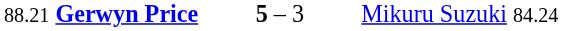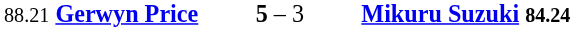 <table style="text-align:center">
 <tr>
 <th width=223></th>
 <th width=100></th>
 <th width=223></th>
 </tr>
 <tr>
 <td align=right><small>88.21</small> <strong><a href='#'>Gerwyn Price</a></strong> </td>
 <td><strong>5</strong> – 3</td>
-<td align=left> <a href='#'>Mikuru Suzuki</a> <small>84.24</small></td>
+<td align=left><strong> <a href='#'>Mikuru Suzuki</a> <small>84.24</small></strong></td>
 </tr>
 <tr>
 <td align=right></td>
 <td></td>
 <td align=left></td>
 </tr>
 </table>
